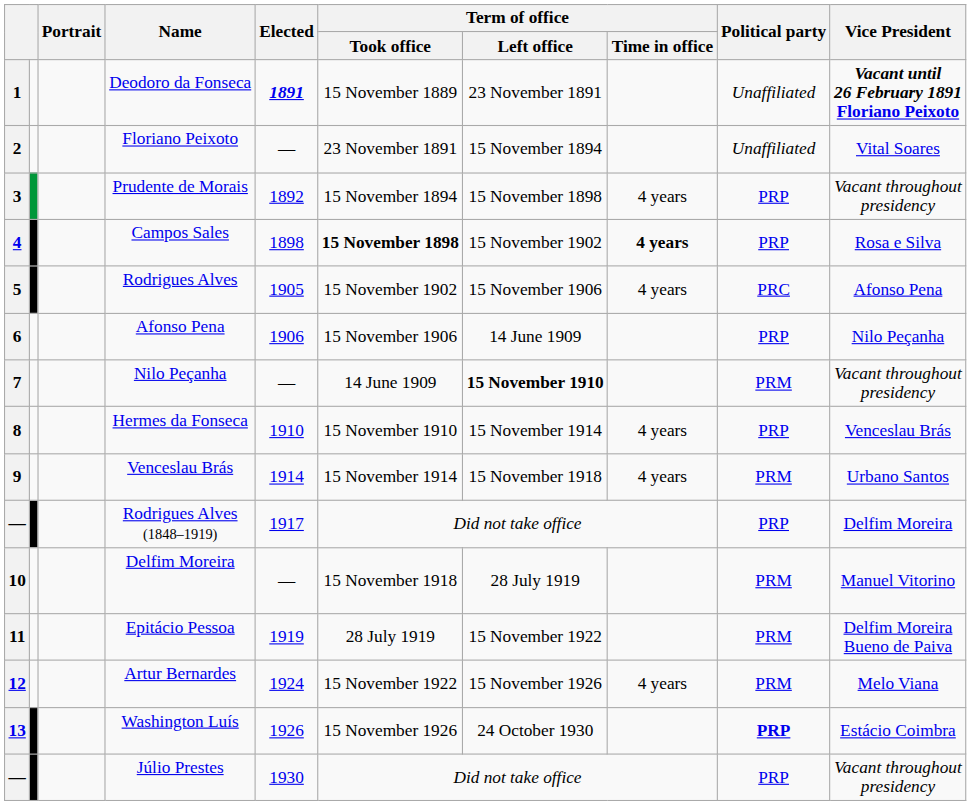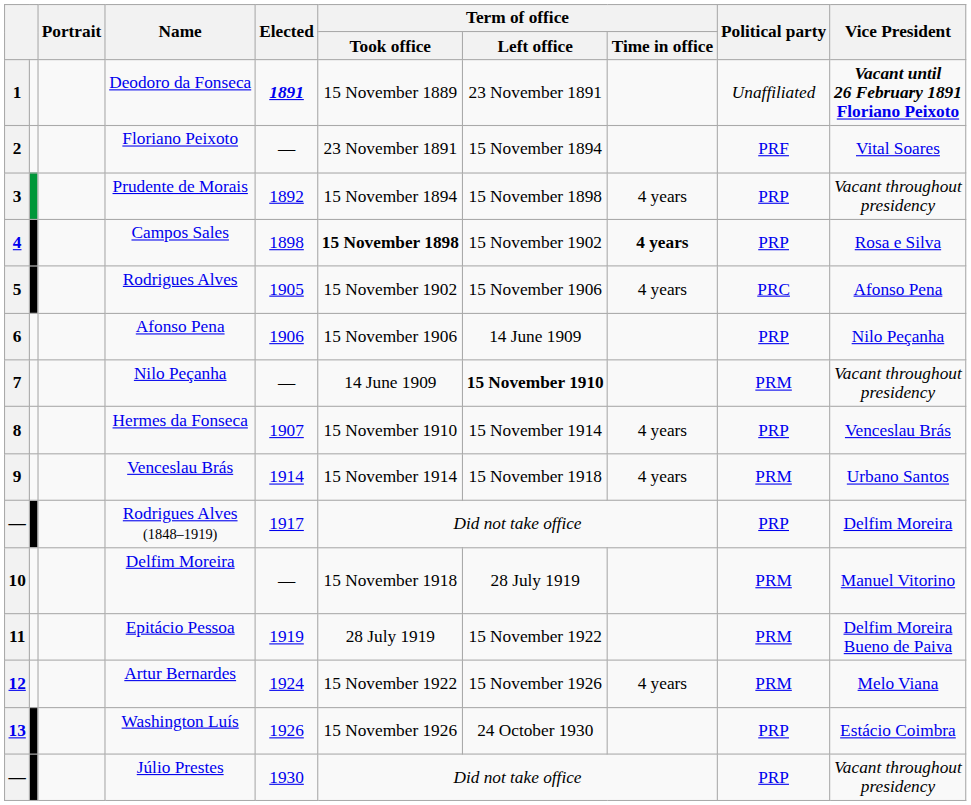 <table class="wikitable sticky-header" style=text-align:center;>
 <tr>
 <th colspan="2" rowspan="2"></th>
 <th rowspan="2">Portrait</th>
 <th rowspan="2">Name<br></th>
 <th rowspan="2">Elected</th>
 <th colspan="3">Term of office</th>
 <th rowspan="2">Political party</th>
 <th rowspan="2">Vice President</th>
 </tr>
 <tr>
 <th>Took office</th>
 <th>Left office</th>
 <th>Time in office</th>
 </tr>
 <tr>
 <th>1</th>
 <td style="background-color:"></td>
 <td></td>
 <td><a href='#'>Deodoro da Fonseca</a><br><br></td>
 <td><strong><em><a href='#'>1891</a></em></strong></td>
 <td>15 November 1889</td>
 <td>23 November 1891</td>
 <td></td>
 <td><em>Unaffiliated</em></td>
 <td><strong><em>Vacant until<br>26 February 1891</em><br><a href='#'>Floriano Peixoto</a></strong></td>
 </tr>
 <tr>
 <th>2</th>
 <td style="background-color:"></td>
 <td></td>
 <td><a href='#'>Floriano Peixoto</a><br><br></td>
 <td>—</td>
 <td>23 November 1891</td>
 <td>15 November 1894</td>
 <td></td>
-<td><em>Unaffiliated</em></td>
+<td><a href='#'>PRF</a></td>
 <td><a href='#'>Vital Soares</a></td>
 </tr>
 <tr>
 <th>3</th>
 <td style="background-color:#009739"></td>
 <td></td>
 <td><a href='#'>Prudente de Morais</a><br><br></td>
 <td><a href='#'>1892</a></td>
 <td>15 November 1894</td>
 <td>15 November 1898</td>
 <td>4 years</td>
 <td><a href='#'>PRP</a></td>
 <td><em>Vacant throughout<br>presidency</em></td>
 </tr>
 <tr>
 <th><a href='#'>4</a></th>
 <td style="background-color:black"></td>
 <td></td>
 <td><a href='#'>Campos Sales</a><br><br></td>
 <td><a href='#'>1898</a></td>
 <td><strong>15 November 1898</strong></td>
 <td>15 November 1902</td>
 <td><strong>4 years</strong></td>
 <td><a href='#'>PRP</a></td>
 <td><a href='#'>Rosa e Silva</a></td>
 </tr>
 <tr>
 <th>5</th>
 <td style="background-color:black"></td>
 <td></td>
 <td><a href='#'>Rodrigues Alves</a><br><br></td>
 <td><a href='#'>1905</a></td>
 <td>15 November 1902</td>
 <td>15 November 1906</td>
 <td>4 years</td>
 <td><a href='#'>PRC</a></td>
 <td><a href='#'>Afonso Pena</a></td>
 </tr>
 <tr>
 <th>6</th>
 <td style="background-color:"></td>
 <td></td>
 <td><a href='#'>Afonso Pena</a><br><br></td>
 <td><a href='#'>1906</a></td>
 <td>15 November 1906</td>
 <td>14 June 1909</td>
 <td></td>
 <td><a href='#'>PRP</a></td>
 <td><a href='#'>Nilo Peçanha</a></td>
 </tr>
 <tr>
 <th>7</th>
 <td style="background-color:"></td>
 <td></td>
 <td><a href='#'>Nilo Peçanha</a><br><br></td>
 <td>—</td>
 <td>14 June 1909</td>
 <td><strong>15 November 1910</strong></td>
 <td></td>
 <td><a href='#'>PRM</a></td>
 <td><em>Vacant throughout<br>presidency</em></td>
 </tr>
 <tr>
 <th>8</th>
 <td style="background-color:"></td>
 <td></td>
 <td><a href='#'>Hermes da Fonseca</a><br><br></td>
-<td><a href='#'>1910</a></td>
+<td><a href='#'>1907</a></td>
 <td>15 November 1910</td>
 <td>15 November 1914</td>
 <td>4 years</td>
 <td><a href='#'>PRP</a></td>
 <td><a href='#'>Venceslau Brás</a></td>
 </tr>
 <tr>
 <th>9</th>
 <td style="background-color:"></td>
 <td></td>
 <td><a href='#'>Venceslau Brás</a><br><br></td>
 <td><a href='#'>1914</a></td>
 <td>15 November 1914</td>
 <td>15 November 1918</td>
 <td>4 years</td>
 <td><a href='#'>PRM</a></td>
 <td><a href='#'>Urbano Santos</a></td>
 </tr>
 <tr>
 <th>—</th>
 <td style="background-color:black"></td>
 <td></td>
 <td><a href='#'>Rodrigues Alves</a><br><small>(1848–1919)</small></td>
 <td><a href='#'>1917</a></td>
 <td colspan="3"><em>Did not take office</em></td>
 <td><a href='#'>PRP</a></td>
 <td><a href='#'>Delfim Moreira</a></td>
 </tr>
 <tr>
 <th>10</th>
 <td style="background-color:"></td>
 <td></td>
 <td><a href='#'>Delfim Moreira</a><br><br><br></td>
 <td>—</td>
 <td>15 November 1918</td>
 <td>28 July 1919</td>
 <td></td>
 <td><a href='#'>PRM</a></td>
 <td><a href='#'>Manuel Vitorino</a></td>
 </tr>
 <tr>
 <th>11</th>
 <td style="background-color:"></td>
 <td></td>
 <td><a href='#'>Epitácio Pessoa</a><br><br></td>
 <td><a href='#'>1919</a></td>
 <td>28 July 1919</td>
 <td>15 November 1922</td>
 <td></td>
 <td><a href='#'>PRM</a></td>
 <td><a href='#'>Delfim Moreira</a><br><a href='#'>Bueno de Paiva</a></td>
 </tr>
 <tr>
 <th><a href='#'>12</a></th>
 <td style="background-color:"></td>
 <td></td>
 <td><a href='#'>Artur Bernardes</a><br><br></td>
 <td><a href='#'>1924</a></td>
 <td>15 November 1922</td>
 <td>15 November 1926</td>
 <td>4 years</td>
 <td><a href='#'>PRM</a></td>
 <td><a href='#'>Melo Viana</a></td>
 </tr>
 <tr>
 <th><a href='#'>13</a></th>
 <td style="background-color:black"></td>
 <td></td>
 <td><a href='#'>Washington Luís</a><br><br></td>
 <td><a href='#'>1926</a></td>
 <td>15 November 1926</td>
 <td>24 October 1930</td>
 <td></td>
-<td><strong><a href='#'>PRP</a></strong></td>
+<td><a href='#'>PRP</a></td>
 <td><a href='#'>Estácio Coimbra</a></td>
 </tr>
 <tr>
 <th>—</th>
 <td style="background-color:black"></td>
 <td></td>
 <td><a href='#'>Júlio Prestes</a><br><br></td>
 <td><a href='#'>1930</a></td>
 <td colspan="3"><em>Did not take office</em></td>
 <td><a href='#'>PRP</a></td>
 <td><em>Vacant throughout<br>presidency</em></td>
 </tr>
 </table>
